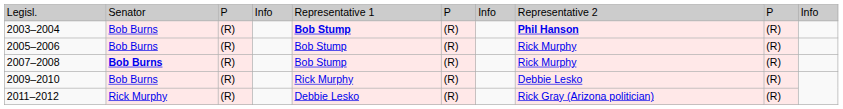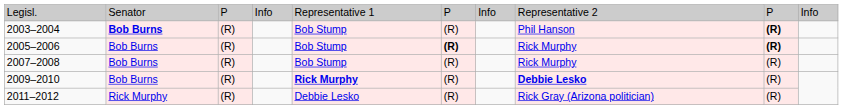 <table class=wikitable width="100%" border="1">
 <tr style="background-color:#cccccc;">
 <td>Legisl.</td>
 <td>Senator</td>
 <td>P</td>
 <td>Info</td>
 <td>Representative 1</td>
 <td>P</td>
 <td>Info</td>
 <td>Representative 2</td>
 <td>P</td>
 <td>Info</td>
 </tr>
 <tr>
 <td>2003–2004</td>
-<td style="background:#FFE8E8"><a href='#'>Bob Burns</a></td>
+<td style="background:#FFE8E8"><strong><a href='#'>Bob Burns</a></strong></td>
 <td style="background:#FFE8E8">(R)</td>
 <td></td>
-<td style="background:#FFE8E8"><strong><a href='#'>Bob Stump</a></strong></td>
+<td style="background:#FFE8E8"><a href='#'>Bob Stump</a></td>
 <td style="background:#FFE8E8">(R)</td>
 <td></td>
-<td style="background:#FFE8E8"><strong><a href='#'>Phil Hanson</a></strong></td>
-<td style="background:#FFE8E8">(R)</td>
+<td style="background:#FFE8E8"><a href='#'>Phil Hanson</a></td>
+<td style="background:#FFE8E8"><strong>(R)</strong></td>
 <td></td>
 </tr>
 <tr>
 <td>2005–2006</td>
 <td style="background:#FFE8E8"><a href='#'>Bob Burns</a></td>
 <td style="background:#FFE8E8">(R)</td>
 <td></td>
 <td style="background:#FFE8E8"><a href='#'>Bob Stump</a></td>
-<td style="background:#FFE8E8">(R)</td>
+<td style="background:#FFE8E8"><strong>(R)</strong></td>
 <td></td>
 <td style="background:#FFE8E8"><a href='#'>Rick Murphy</a></td>
-<td style="background:#FFE8E8">(R)</td>
+<td style="background:#FFE8E8"><strong>(R)</strong></td>
 <td></td>
 </tr>
 <tr>
 <td>2007–2008</td>
-<td style="background:#FFE8E8"><strong><a href='#'>Bob Burns</a></strong></td>
+<td style="background:#FFE8E8"><a href='#'>Bob Burns</a></td>
 <td style="background:#FFE8E8">(R)</td>
 <td></td>
 <td style="background:#FFE8E8"><a href='#'>Bob Stump</a></td>
 <td style="background:#FFE8E8">(R)</td>
 <td></td>
 <td style="background:#FFE8E8"><a href='#'>Rick Murphy</a></td>
 <td style="background:#FFE8E8">(R)</td>
 <td></td>
 </tr>
 <tr>
 <td>2009–2010</td>
 <td style="background:#FFE8E8"><a href='#'>Bob Burns</a></td>
 <td style="background:#FFE8E8">(R)</td>
 <td></td>
-<td style="background:#FFE8E8"><a href='#'>Rick Murphy</a></td>
+<td style="background:#FFE8E8"><strong><a href='#'>Rick Murphy</a></strong></td>
 <td style="background:#FFE8E8">(R)</td>
 <td></td>
-<td style="background:#FFE8E8"><a href='#'>Debbie Lesko</a></td>
+<td style="background:#FFE8E8"><strong><a href='#'>Debbie Lesko</a></strong></td>
 <td style="background:#FFE8E8">(R)</td>
 </tr>
 <tr>
 <td>2011–2012</td>
 <td style="background:#FFE8E8"><a href='#'>Rick Murphy</a></td>
 <td style="background:#FFE8E8">(R)</td>
 <td></td>
 <td style="background:#FFE8E8"><a href='#'>Debbie Lesko</a></td>
 <td style="background:#FFE8E8">(R)</td>
 <td></td>
 <td style="background:#FFE8E8"><a href='#'>Rick Gray (Arizona politician)</a></td>
 <td style="background:#FFE8E8">(R)</td>
 </tr>
 </table>
